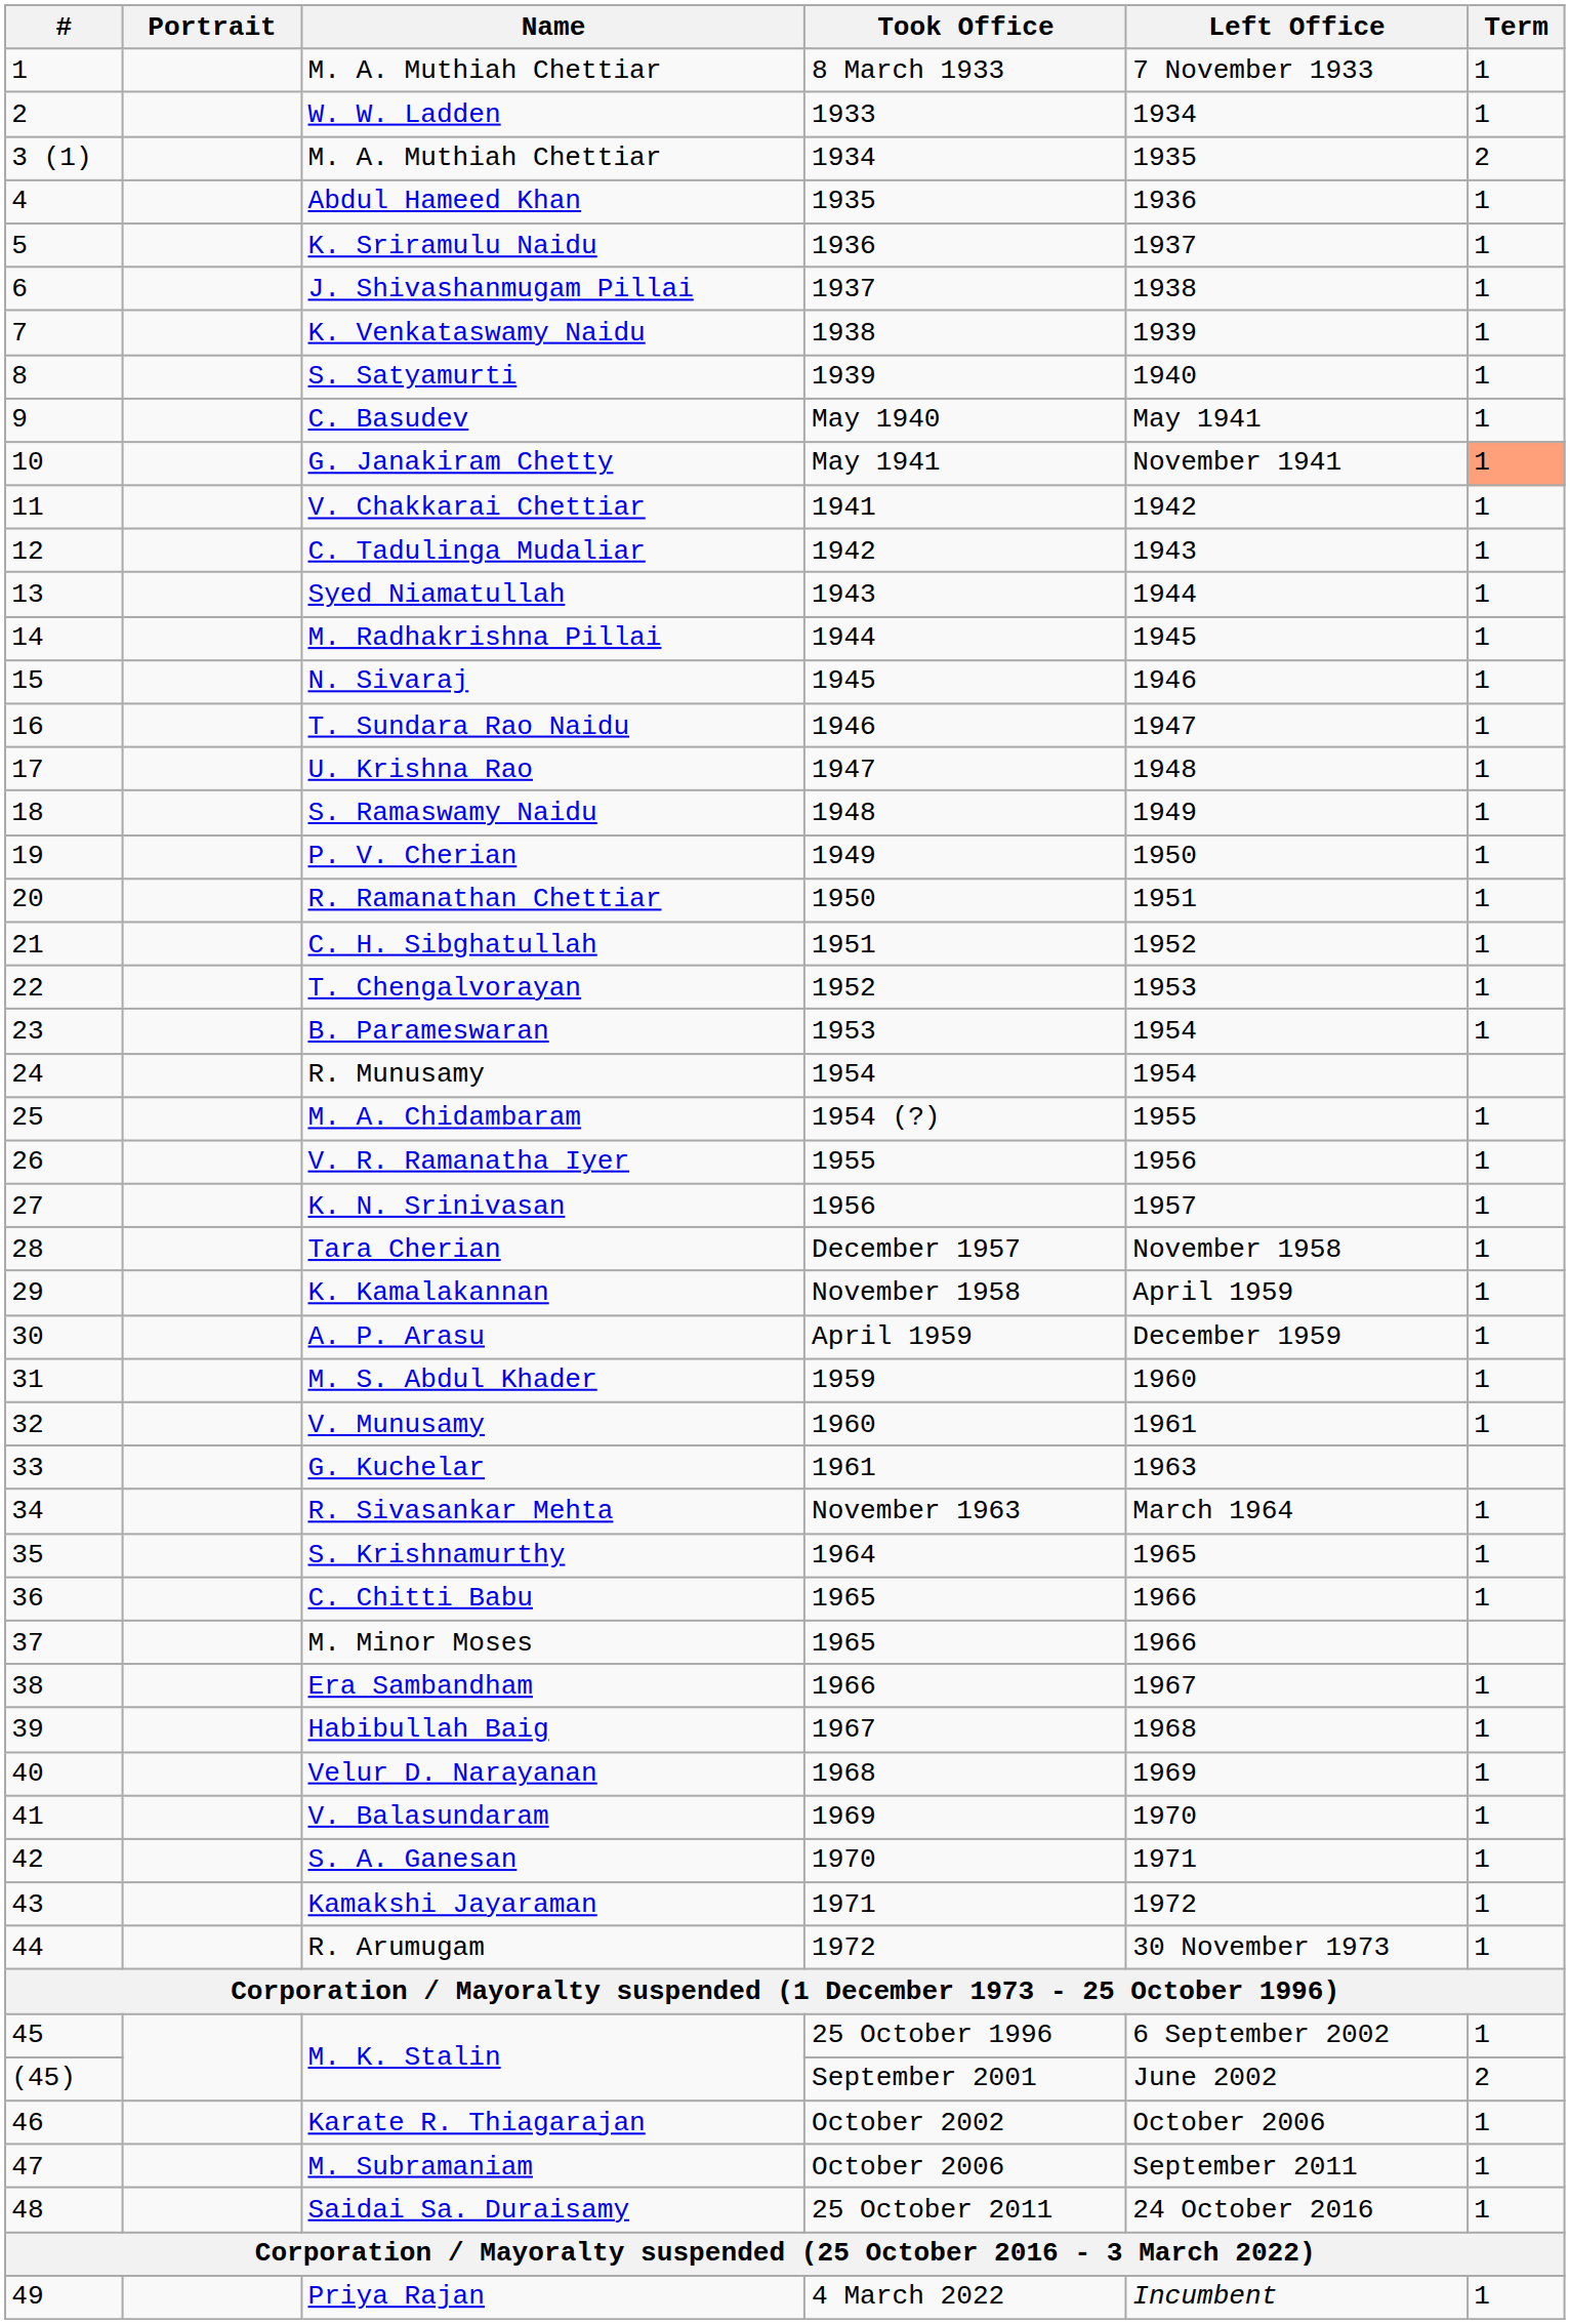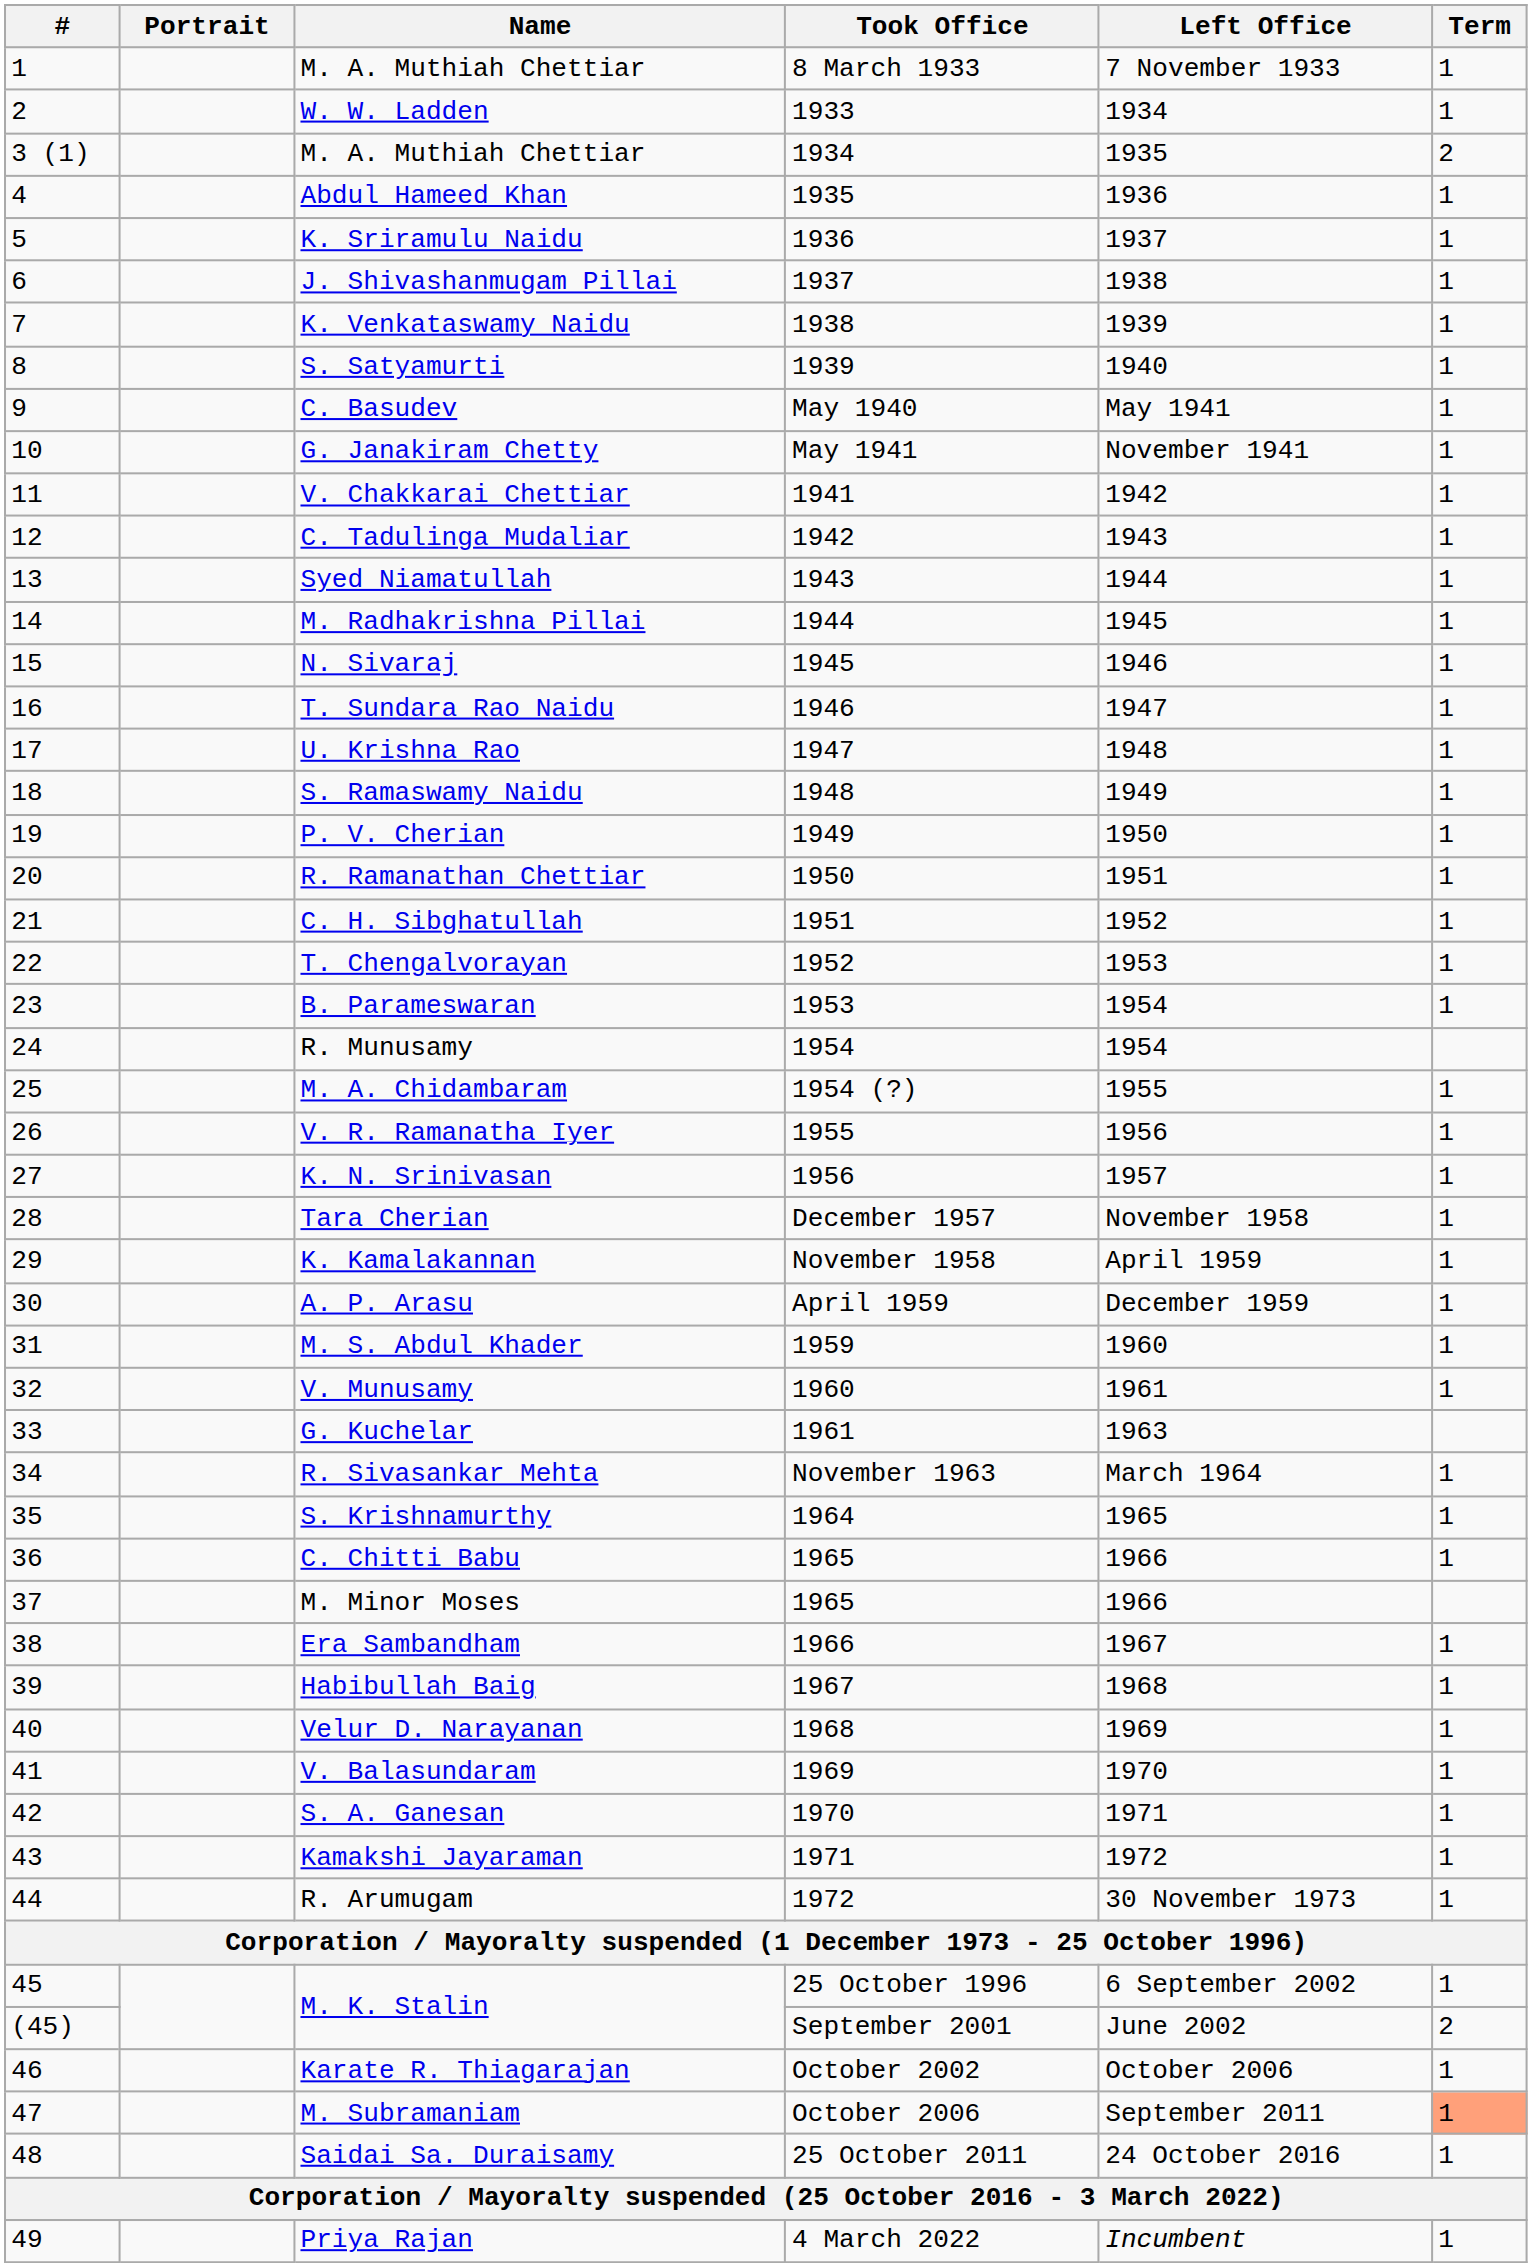 <table class="wikitable sortable" width="60%" style="text-align:left;">
 <tr>
 <th>#</th>
 <th>Portrait</th>
 <th>Name</th>
 <th class="unsortable">Took Office</th>
 <th class="unsortable">Left Office</th>
 <th>Term</th>
 </tr>
 <tr>
 <td>1</td>
 <td></td>
 <td>M. A. Muthiah Chettiar</td>
 <td>8 March 1933</td>
 <td>7 November 1933</td>
 <td>1</td>
 </tr>
 <tr>
 <td>2</td>
 <td></td>
 <td><a href='#'>W. W. Ladden</a></td>
 <td>1933</td>
 <td>1934</td>
 <td>1</td>
 </tr>
 <tr>
 <td>3 (1)</td>
 <td></td>
 <td>M. A. Muthiah Chettiar</td>
 <td>1934</td>
 <td>1935</td>
 <td>2</td>
 </tr>
 <tr>
 <td>4</td>
 <td></td>
 <td><a href='#'>Abdul Hameed Khan</a></td>
 <td>1935</td>
 <td>1936</td>
 <td>1</td>
 </tr>
 <tr>
 <td>5</td>
 <td></td>
 <td><a href='#'>K. Sriramulu Naidu</a></td>
 <td>1936</td>
 <td>1937</td>
 <td>1</td>
 </tr>
 <tr>
 <td>6</td>
 <td></td>
 <td><a href='#'>J. Shivashanmugam Pillai</a></td>
 <td>1937</td>
 <td>1938</td>
 <td>1</td>
 </tr>
 <tr>
 <td>7</td>
 <td></td>
 <td><a href='#'>K. Venkataswamy Naidu</a></td>
 <td>1938</td>
 <td>1939</td>
 <td>1</td>
 </tr>
 <tr>
 <td>8</td>
 <td></td>
 <td><a href='#'>S. Satyamurti</a></td>
 <td>1939</td>
 <td>1940</td>
 <td>1</td>
 </tr>
 <tr>
 <td>9</td>
 <td></td>
 <td><a href='#'>C. Basudev</a></td>
 <td>May 1940</td>
 <td>May 1941</td>
 <td>1</td>
 </tr>
 <tr>
 <td>10</td>
 <td></td>
 <td><a href='#'>G. Janakiram Chetty</a></td>
 <td>May 1941</td>
 <td>November 1941</td>
-<td style="background: lightsalmon;">1</td>
+<td>1</td>
 </tr>
 <tr>
 <td>11</td>
 <td></td>
 <td><a href='#'>V. Chakkarai Chettiar</a></td>
 <td>1941</td>
 <td>1942</td>
 <td>1</td>
 </tr>
 <tr>
 <td>12</td>
 <td></td>
 <td><a href='#'>C. Tadulinga Mudaliar</a></td>
 <td>1942</td>
 <td>1943</td>
 <td>1</td>
 </tr>
 <tr>
 <td>13</td>
 <td></td>
 <td><a href='#'>Syed Niamatullah</a></td>
 <td>1943</td>
 <td>1944</td>
 <td>1</td>
 </tr>
 <tr>
 <td>14</td>
 <td></td>
 <td><a href='#'>M. Radhakrishna Pillai</a></td>
 <td>1944</td>
 <td>1945</td>
 <td>1</td>
 </tr>
 <tr>
 <td>15</td>
 <td></td>
 <td><a href='#'>N. Sivaraj</a></td>
 <td>1945</td>
 <td>1946</td>
 <td>1</td>
 </tr>
 <tr>
 <td>16</td>
 <td></td>
 <td><a href='#'>T. Sundara Rao Naidu</a></td>
 <td>1946</td>
 <td>1947</td>
 <td>1</td>
 </tr>
 <tr>
 <td>17</td>
 <td></td>
 <td><a href='#'>U. Krishna Rao</a></td>
 <td>1947</td>
 <td>1948</td>
 <td>1</td>
 </tr>
 <tr>
 <td>18</td>
 <td></td>
 <td><a href='#'>S. Ramaswamy Naidu</a></td>
 <td>1948</td>
 <td>1949</td>
 <td>1</td>
 </tr>
 <tr>
 <td>19</td>
 <td></td>
 <td><a href='#'>P. V. Cherian</a></td>
 <td>1949</td>
 <td>1950</td>
 <td>1</td>
 </tr>
 <tr>
 <td>20</td>
 <td></td>
 <td><a href='#'>R. Ramanathan Chettiar</a></td>
 <td>1950</td>
 <td>1951</td>
 <td>1</td>
 </tr>
 <tr>
 <td>21</td>
 <td></td>
 <td><a href='#'>C. H. Sibghatullah</a></td>
 <td>1951</td>
 <td>1952</td>
 <td>1</td>
 </tr>
 <tr>
 <td>22</td>
 <td></td>
 <td><a href='#'>T. Chengalvorayan</a></td>
 <td>1952</td>
 <td>1953</td>
 <td>1</td>
 </tr>
 <tr>
 <td>23</td>
 <td></td>
 <td><a href='#'>B. Parameswaran</a></td>
 <td>1953</td>
 <td>1954</td>
 <td>1</td>
 </tr>
 <tr>
 <td>24</td>
 <td></td>
 <td>R. Munusamy</td>
 <td>1954</td>
 <td>1954</td>
 <td></td>
 </tr>
 <tr>
 <td>25</td>
 <td></td>
 <td><a href='#'>M. A. Chidambaram</a></td>
 <td>1954 (?)</td>
 <td>1955</td>
 <td>1</td>
 </tr>
 <tr>
 <td>26</td>
 <td></td>
 <td><a href='#'>V. R. Ramanatha Iyer</a></td>
 <td>1955</td>
 <td>1956</td>
 <td>1</td>
 </tr>
 <tr>
 <td>27</td>
 <td></td>
 <td><a href='#'>K. N. Srinivasan</a></td>
 <td>1956</td>
 <td>1957</td>
 <td>1</td>
 </tr>
 <tr>
 <td>28</td>
 <td></td>
 <td><a href='#'>Tara Cherian</a></td>
 <td>December 1957</td>
 <td>November 1958</td>
 <td>1</td>
 </tr>
 <tr>
 <td>29</td>
 <td></td>
 <td><a href='#'>K. Kamalakannan</a></td>
 <td>November 1958</td>
 <td>April 1959</td>
 <td>1</td>
 </tr>
 <tr>
 <td>30</td>
 <td></td>
 <td><a href='#'>A. P. Arasu</a></td>
 <td>April 1959</td>
 <td>December 1959</td>
 <td>1</td>
 </tr>
 <tr>
 <td>31</td>
 <td></td>
 <td><a href='#'>M. S. Abdul Khader</a></td>
 <td>1959</td>
 <td>1960</td>
 <td>1</td>
 </tr>
 <tr>
 <td>32</td>
 <td></td>
 <td><a href='#'>V. Munusamy</a></td>
 <td>1960</td>
 <td>1961</td>
 <td>1</td>
 </tr>
 <tr>
 <td>33</td>
 <td></td>
 <td><a href='#'>G. Kuchelar</a></td>
 <td>1961</td>
 <td>1963</td>
 <td></td>
 </tr>
 <tr>
 <td>34</td>
 <td></td>
 <td><a href='#'>R. Sivasankar Mehta</a></td>
 <td>November 1963</td>
 <td>March 1964</td>
 <td>1</td>
 </tr>
 <tr>
 <td>35</td>
 <td></td>
 <td><a href='#'>S. Krishnamurthy</a></td>
 <td>1964</td>
 <td>1965</td>
 <td>1</td>
 </tr>
 <tr>
 <td>36</td>
 <td></td>
 <td><a href='#'>C. Chitti Babu</a></td>
 <td>1965</td>
 <td>1966</td>
 <td>1</td>
 </tr>
 <tr>
 <td>37</td>
 <td></td>
 <td>M. Minor Moses</td>
 <td>1965</td>
 <td>1966</td>
 <td></td>
 </tr>
 <tr>
 <td>38</td>
 <td></td>
 <td><a href='#'>Era Sambandham</a></td>
 <td>1966</td>
 <td>1967</td>
 <td>1</td>
 </tr>
 <tr>
 <td>39</td>
 <td></td>
 <td><a href='#'>Habibullah Baig</a></td>
 <td>1967</td>
 <td>1968</td>
 <td>1</td>
 </tr>
 <tr>
 <td>40</td>
 <td></td>
 <td><a href='#'>Velur D. Narayanan</a></td>
 <td>1968</td>
 <td>1969</td>
 <td>1</td>
 </tr>
 <tr>
 <td>41</td>
 <td></td>
 <td><a href='#'>V. Balasundaram</a></td>
 <td>1969</td>
 <td>1970</td>
 <td>1</td>
 </tr>
 <tr>
 <td>42</td>
 <td></td>
 <td><a href='#'>S. A. Ganesan</a></td>
 <td>1970</td>
 <td>1971</td>
 <td>1</td>
 </tr>
 <tr>
 <td>43</td>
 <td></td>
 <td><a href='#'>Kamakshi Jayaraman</a></td>
 <td>1971</td>
 <td>1972</td>
 <td>1</td>
 </tr>
 <tr>
 <td>44</td>
 <td></td>
 <td>R. Arumugam</td>
 <td>1972</td>
 <td>30 November 1973</td>
 <td>1</td>
 </tr>
 <tr>
 <th colspan="6">Corporation / Mayoralty suspended (1 December 1973 - 25 October 1996)</th>
 </tr>
 <tr>
 <td>45</td>
 <td rowspan="2"></td>
 <td rowspan="2"><a href='#'>M. K. Stalin</a></td>
 <td>25 October 1996</td>
 <td>6 September 2002</td>
 <td>1</td>
 </tr>
 <tr>
 <td>(45)</td>
 <td>September 2001</td>
 <td>June 2002</td>
 <td>2</td>
 </tr>
 <tr>
 <td>46</td>
 <td></td>
 <td><a href='#'>Karate R. Thiagarajan</a></td>
 <td>October 2002</td>
 <td>October 2006</td>
 <td>1</td>
 </tr>
 <tr>
 <td>47</td>
 <td></td>
 <td><a href='#'>M. Subramaniam</a></td>
 <td>October 2006</td>
 <td>September 2011</td>
-<td>1</td>
+<td style="background: lightsalmon;">1</td>
 </tr>
 <tr>
 <td>48</td>
 <td></td>
 <td><a href='#'>Saidai Sa. Duraisamy</a></td>
 <td>25 October 2011</td>
 <td>24 October 2016</td>
 <td>1</td>
 </tr>
 <tr>
 <th colspan="6">Corporation / Mayoralty  suspended (25 October 2016 - 3 March 2022)</th>
 </tr>
 <tr>
 <td>49</td>
 <td></td>
 <td><a href='#'>Priya Rajan</a></td>
 <td>4 March 2022</td>
 <td><em>Incumbent</em></td>
 <td>1</td>
 </tr>
 </table>
